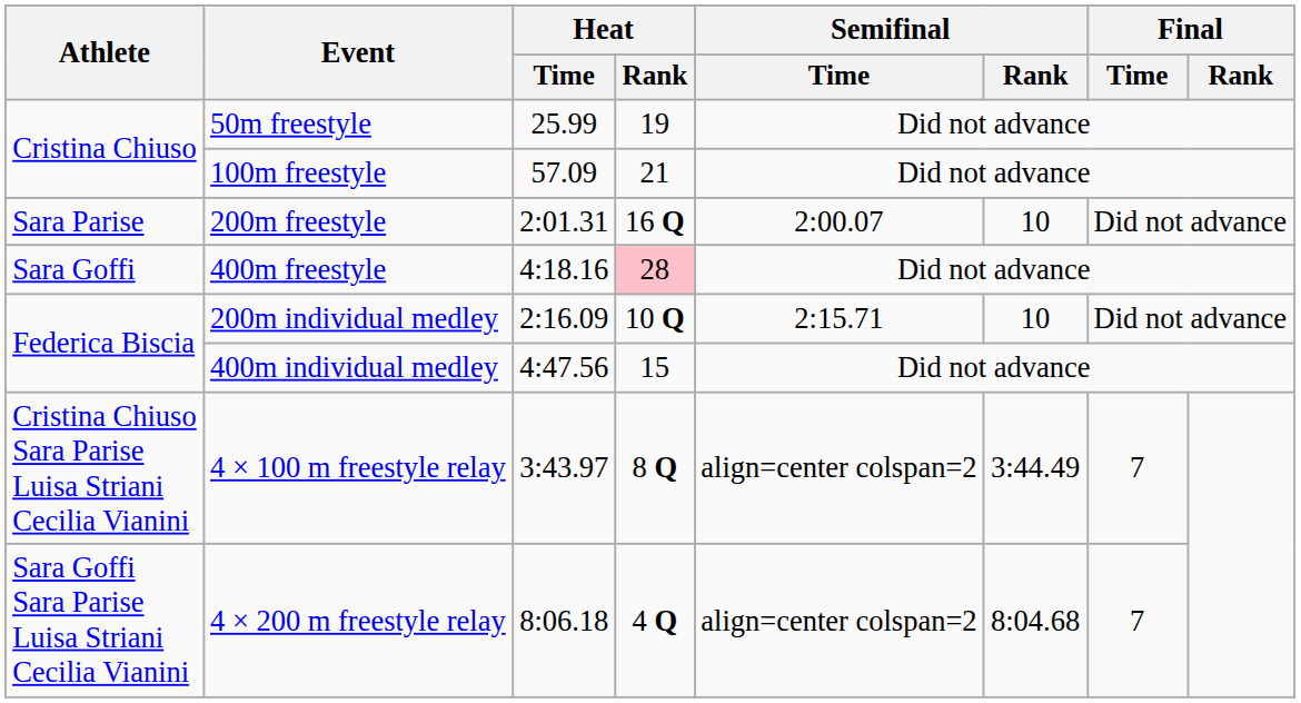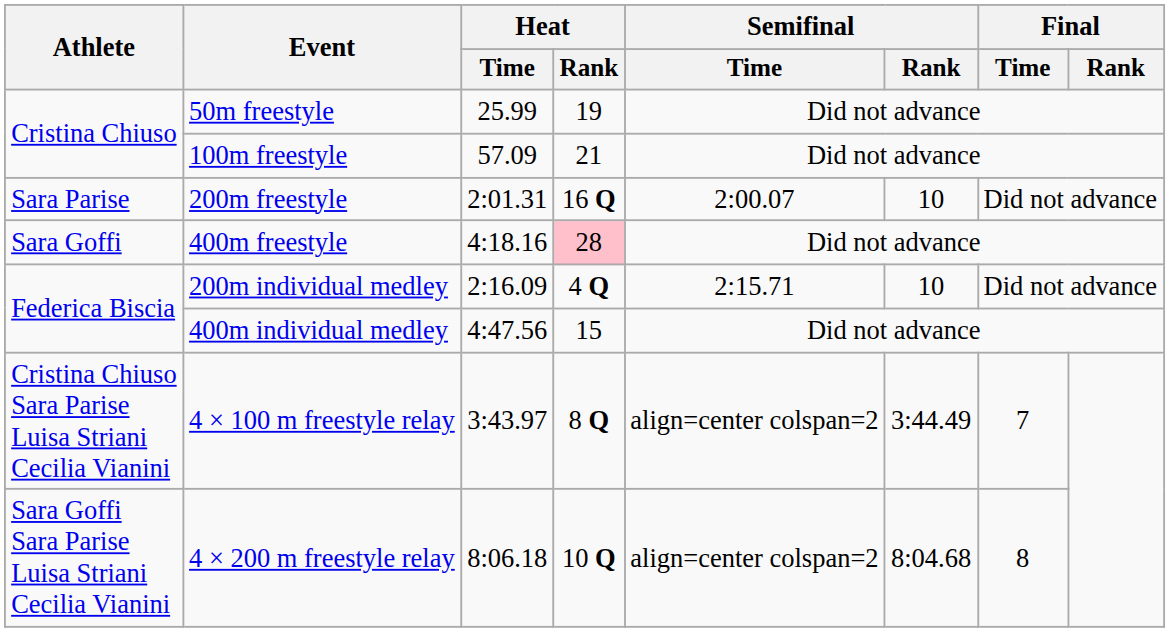 <table class=wikitable style="font-size:90%">
 <tr>
 <th rowspan="2">Athlete</th>
 <th rowspan="2">Event</th>
 <th colspan="2">Heat</th>
 <th colspan="2">Semifinal</th>
 <th colspan="2">Final</th>
 </tr>
 <tr style="font-size:95%">
 <th>Time</th>
 <th>Rank</th>
 <th>Time</th>
 <th>Rank</th>
 <th>Time</th>
 <th>Rank</th>
 </tr>
 <tr>
 <td align=left rowspan=2><a href='#'>Cristina Chiuso</a></td>
 <td align=left><a href='#'>50m freestyle</a></td>
 <td align=center>25.99</td>
 <td align=center>19</td>
 <td align=center colspan=4>Did not advance</td>
 </tr>
 <tr>
 <td align=left><a href='#'>100m freestyle</a></td>
 <td align=center>57.09</td>
 <td align=center>21</td>
 <td align=center colspan=4>Did not advance</td>
 </tr>
 <tr>
 <td align=left><a href='#'>Sara Parise</a></td>
 <td align=left><a href='#'>200m freestyle</a></td>
 <td align=center>2:01.31</td>
 <td align=center>16 <strong>Q</strong></td>
 <td align=center>2:00.07</td>
 <td align=center>10</td>
 <td align=center colspan=2>Did not advance</td>
 </tr>
 <tr>
 <td align=left><a href='#'>Sara Goffi</a></td>
 <td align=left><a href='#'>400m freestyle</a></td>
 <td align=center>4:18.16</td>
 <td align=center style="background: pink;">28</td>
 <td align=center colspan=4>Did not advance</td>
 </tr>
 <tr>
 <td align=left rowspan=2><a href='#'>Federica Biscia</a></td>
 <td align=left><a href='#'>200m individual medley</a></td>
 <td align=center>2:16.09</td>
-<td align=center>10 <strong>Q</strong></td>
+<td align=center>4 <strong>Q</strong></td>
 <td align=center>2:15.71</td>
 <td align=center>10</td>
 <td align=center colspan=2>Did not advance</td>
 </tr>
 <tr>
 <td align=left><a href='#'>400m individual medley</a></td>
 <td align=center>4:47.56</td>
 <td align=center>15</td>
 <td align=center colspan=4>Did not advance</td>
 </tr>
 <tr>
 <td align=left><a href='#'>Cristina Chiuso</a><br> <a href='#'>Sara Parise</a><br> <a href='#'>Luisa Striani</a><br> <a href='#'>Cecilia Vianini</a></td>
 <td align=left><a href='#'>4 × 100 m freestyle relay</a></td>
 <td align=center>3:43.97</td>
 <td align=center>8 <strong>Q</strong></td>
 <td>align=center colspan=2 </td>
 <td align=center>3:44.49</td>
 <td align=center>7</td>
 </tr>
 <tr>
 <td align=left><a href='#'>Sara Goffi</a><br> <a href='#'>Sara Parise</a><br> <a href='#'>Luisa Striani</a><br> <a href='#'>Cecilia Vianini</a></td>
 <td align=left><a href='#'>4 × 200 m freestyle relay</a></td>
 <td align=center>8:06.18</td>
-<td align=center>4 <strong>Q</strong></td>
+<td align=center>10 <strong>Q</strong></td>
 <td>align=center colspan=2 </td>
 <td align=center>8:04.68</td>
-<td align=center>7</td>
+<td align=center>8</td>
 </tr>
 </table>
